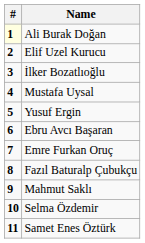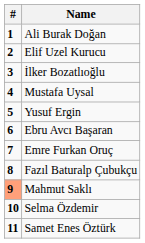 <table class="wikitable" style="font-size:90%">
 <tr>
 <th>#</th>
 <th>Name</th>
 </tr>
 <tr>
-<td style="background: lightyellow;"><strong>1</strong></td>
+<td><strong>1</strong></td>
 <td>Ali Burak Doğan</td>
 </tr>
 <tr>
 <td><strong>2</strong></td>
 <td>Elif Uzel Kurucu</td>
 </tr>
 <tr>
 <td><strong>3</strong></td>
 <td>İlker Bozatlıoğlu</td>
 </tr>
 <tr>
 <td><strong>4</strong></td>
 <td>Mustafa Uysal</td>
 </tr>
 <tr>
 <td><strong>5</strong></td>
 <td>Yusuf Ergin</td>
 </tr>
 <tr>
 <td><strong>6</strong></td>
 <td>Ebru Avcı Başaran</td>
 </tr>
 <tr>
 <td><strong>7</strong></td>
 <td>Emre Furkan Oruç</td>
 </tr>
 <tr>
 <td><strong>8</strong></td>
 <td>Fazıl Baturalp Çubukçu</td>
 </tr>
 <tr>
-<td><strong>9</strong></td>
+<td style="background: lightsalmon;"><strong>9</strong></td>
 <td>Mahmut Saklı</td>
 </tr>
 <tr>
 <td><strong>10</strong></td>
 <td>Selma Özdemir</td>
 </tr>
 <tr>
 <td><strong>11</strong></td>
 <td>Samet Enes Öztürk</td>
 </tr>
 </table>
